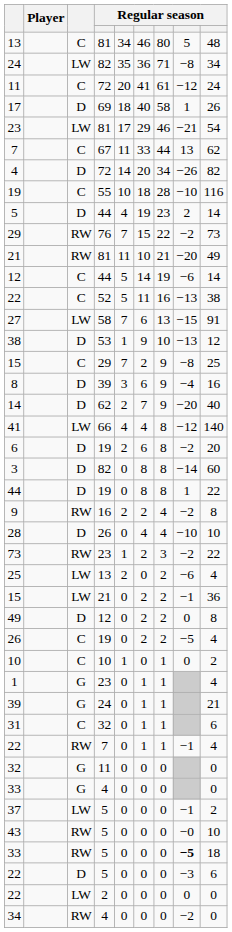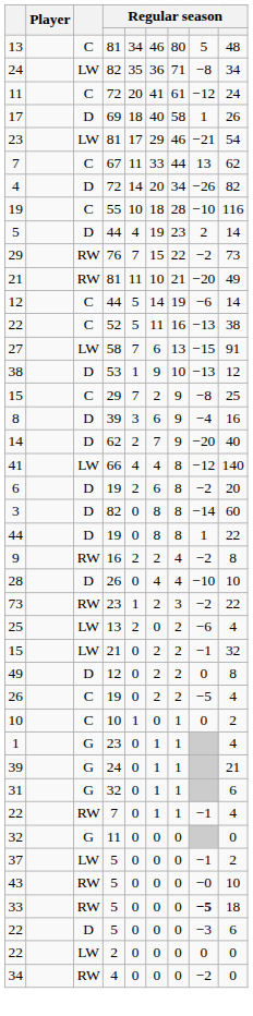 <table class="wikitable sortable plainrowheaders" style="text-align:center;">
 <tr>
 <th scope="col" data-sort-type="number" rowspan="2"></th>
 <th scope="col" rowspan="2">Player</th>
 <th scope="col" rowspan="2"></th>
 <th scope=colgroup colspan=6>Regular season</th>
 </tr>
 <tr>
 <th scope="col" data-sort-type="number"></th>
 <th scope="col" data-sort-type="number"></th>
 <th scope="col" data-sort-type="number"></th>
 <th scope="col" data-sort-type="number"></th>
 <th scope="col" data-sort-type="number"></th>
 <th scope="col" data-sort-type="number"></th>
 </tr>
 <tr>
 <td scope="row">13</td>
 <td align="left"></td>
 <td>C</td>
 <td>81</td>
 <td>34</td>
 <td>46</td>
 <td>80</td>
 <td>5</td>
 <td>48</td>
 </tr>
 <tr>
 <td scope="row">24</td>
 <td align="left"></td>
 <td>LW</td>
 <td>82</td>
 <td>35</td>
 <td>36</td>
 <td>71</td>
 <td>−8</td>
 <td>34</td>
 </tr>
 <tr>
 <td scope="row">11</td>
 <td align="left"></td>
 <td>C</td>
 <td>72</td>
 <td>20</td>
 <td>41</td>
 <td>61</td>
 <td>−12</td>
 <td>24</td>
 </tr>
 <tr>
 <td scope="row">17</td>
 <td align="left"></td>
 <td>D</td>
 <td>69</td>
 <td>18</td>
 <td>40</td>
 <td>58</td>
 <td>1</td>
 <td>26</td>
 </tr>
 <tr>
 <td scope="row">23</td>
 <td align="left"></td>
 <td>LW</td>
 <td>81</td>
 <td>17</td>
 <td>29</td>
 <td>46</td>
 <td>−21</td>
 <td>54</td>
 </tr>
 <tr>
 <td scope="row">7</td>
 <td align="left"></td>
 <td>C</td>
 <td>67</td>
 <td>11</td>
 <td>33</td>
 <td>44</td>
 <td>13</td>
 <td>62</td>
 </tr>
 <tr>
 <td scope="row">4</td>
 <td align="left"></td>
 <td>D</td>
 <td>72</td>
 <td>14</td>
 <td>20</td>
 <td>34</td>
 <td>−26</td>
 <td>82</td>
 </tr>
 <tr>
 <td scope="row">19</td>
 <td align="left"></td>
 <td>C</td>
 <td>55</td>
 <td>10</td>
 <td>18</td>
 <td>28</td>
 <td>−10</td>
 <td>116</td>
 </tr>
 <tr>
 <td scope="row">5</td>
 <td align="left"></td>
 <td>D</td>
 <td>44</td>
 <td>4</td>
 <td>19</td>
 <td>23</td>
 <td>2</td>
 <td>14</td>
 </tr>
 <tr>
 <td scope="row">29</td>
 <td align="left"></td>
 <td>RW</td>
 <td>76</td>
 <td>7</td>
 <td>15</td>
 <td>22</td>
 <td>−2</td>
 <td>73</td>
 </tr>
 <tr>
 <td scope="row">21</td>
 <td align="left"></td>
 <td>RW</td>
 <td>81</td>
 <td>11</td>
 <td>10</td>
 <td>21</td>
 <td>−20</td>
 <td>49</td>
 </tr>
 <tr>
 <td scope="row">12</td>
 <td align="left"></td>
 <td>C</td>
 <td>44</td>
 <td>5</td>
 <td>14</td>
 <td>19</td>
 <td>−6</td>
 <td>14</td>
 </tr>
 <tr>
 <td scope="row">22</td>
 <td align="left"></td>
 <td>C</td>
 <td>52</td>
 <td>5</td>
 <td>11</td>
 <td>16</td>
 <td>−13</td>
 <td>38</td>
 </tr>
 <tr>
 <td scope="row">27</td>
 <td align="left"></td>
 <td>LW</td>
 <td>58</td>
 <td>7</td>
 <td>6</td>
 <td>13</td>
 <td>−15</td>
 <td>91</td>
 </tr>
 <tr>
 <td scope="row">38</td>
 <td align="left"></td>
 <td>D</td>
 <td>53</td>
 <td>1</td>
 <td>9</td>
 <td>10</td>
 <td>−13</td>
 <td>12</td>
 </tr>
 <tr>
 <td scope="row">15</td>
 <td align="left"></td>
 <td>C</td>
 <td>29</td>
 <td>7</td>
 <td>2</td>
 <td>9</td>
 <td>−8</td>
 <td>25</td>
 </tr>
 <tr>
 <td scope="row">8</td>
 <td align="left"></td>
 <td>D</td>
 <td>39</td>
 <td>3</td>
 <td>6</td>
 <td>9</td>
 <td>−4</td>
 <td>16</td>
 </tr>
 <tr>
 <td scope="row">14</td>
 <td align="left"></td>
 <td>D</td>
 <td>62</td>
 <td>2</td>
 <td>7</td>
 <td>9</td>
 <td>−20</td>
 <td>40</td>
 </tr>
 <tr>
 <td scope="row">41</td>
 <td align="left"></td>
 <td>LW</td>
 <td>66</td>
 <td>4</td>
 <td>4</td>
 <td>8</td>
 <td>−12</td>
 <td>140</td>
 </tr>
 <tr>
 <td scope="row">6</td>
 <td align="left"></td>
 <td>D</td>
 <td>19</td>
 <td>2</td>
 <td>6</td>
 <td>8</td>
 <td>−2</td>
 <td>20</td>
 </tr>
 <tr>
 <td scope="row">3</td>
 <td align="left"></td>
 <td>D</td>
 <td>82</td>
 <td>0</td>
 <td>8</td>
 <td>8</td>
 <td>−14</td>
 <td>60</td>
 </tr>
 <tr>
 <td scope="row">44</td>
 <td align="left"></td>
 <td>D</td>
 <td>19</td>
 <td>0</td>
 <td>8</td>
 <td>8</td>
 <td>1</td>
 <td>22</td>
 </tr>
 <tr>
 <td scope="row">9</td>
 <td align="left"></td>
 <td>RW</td>
 <td>16</td>
 <td>2</td>
 <td>2</td>
 <td>4</td>
 <td>−2</td>
 <td>8</td>
 </tr>
 <tr>
 <td scope="row">28</td>
 <td align="left"></td>
 <td>D</td>
 <td>26</td>
 <td>0</td>
 <td>4</td>
 <td>4</td>
 <td>−10</td>
 <td>10</td>
 </tr>
 <tr>
 <td scope="row">73</td>
 <td align="left"></td>
 <td>RW</td>
 <td>23</td>
 <td>1</td>
 <td>2</td>
 <td>3</td>
 <td>−2</td>
 <td>22</td>
 </tr>
 <tr>
 <td scope="row">25</td>
 <td align="left"></td>
 <td>LW</td>
 <td>13</td>
 <td>2</td>
 <td>0</td>
 <td>2</td>
 <td>−6</td>
 <td>4</td>
 </tr>
 <tr>
 <td scope="row">15</td>
 <td align="left"></td>
 <td>LW</td>
 <td>21</td>
 <td>0</td>
 <td>2</td>
 <td>2</td>
 <td>−1</td>
-<td>36</td>
+<td>32</td>
 </tr>
 <tr>
 <td scope="row">49</td>
 <td align="left"></td>
 <td>D</td>
 <td>12</td>
 <td>0</td>
 <td>2</td>
 <td>2</td>
 <td>0</td>
 <td>8</td>
 </tr>
 <tr>
 <td scope="row">26</td>
 <td align="left"></td>
 <td>C</td>
 <td>19</td>
 <td>0</td>
 <td>2</td>
 <td>2</td>
 <td>−5</td>
 <td>4</td>
 </tr>
 <tr>
 <td scope="row">10</td>
 <td align="left"></td>
 <td>C</td>
 <td>10</td>
 <td>1</td>
 <td>0</td>
 <td>1</td>
 <td>0</td>
 <td>2</td>
 </tr>
 <tr>
 <td scope="row">1</td>
 <td align="left"></td>
 <td>G</td>
 <td>23</td>
 <td>0</td>
 <td>1</td>
 <td>1</td>
 <td style="background:#ccc"></td>
 <td>4</td>
 </tr>
 <tr>
 <td scope="row">39</td>
 <td align="left"></td>
 <td>G</td>
 <td>24</td>
 <td>0</td>
 <td>1</td>
 <td>1</td>
 <td style="background:#ccc"></td>
 <td>21</td>
 </tr>
 <tr>
 <td scope="row">31</td>
 <td align="left"></td>
-<td>C</td>
+<td>G</td>
 <td>32</td>
 <td>0</td>
 <td>1</td>
 <td>1</td>
 <td style="background:#ccc"></td>
 <td>6</td>
 </tr>
 <tr>
 <td scope="row">22</td>
 <td align="left"></td>
 <td>RW</td>
 <td>7</td>
 <td>0</td>
 <td>1</td>
 <td>1</td>
 <td>−1</td>
 <td>4</td>
 </tr>
 <tr>
 <td scope="row">32</td>
 <td align="left"></td>
 <td>G</td>
 <td>11</td>
-<td>0</td>
-<td>0</td>
-<td>0</td>
-<td style="background:#ccc"></td>
-<td>0</td>
-</tr>
-<tr>
-<td scope="row">33</td>
-<td align="left"></td>
-<td>G</td>
-<td>4</td>
 <td>0</td>
 <td>0</td>
 <td>0</td>
 <td style="background:#ccc"></td>
 <td>0</td>
 </tr>
 <tr>
 <td scope="row">37</td>
 <td align="left"></td>
 <td>LW</td>
 <td>5</td>
 <td>0</td>
 <td>0</td>
 <td>0</td>
 <td>−1</td>
 <td>2</td>
 </tr>
 <tr>
 <td scope="row">43</td>
 <td align="left"></td>
 <td>RW</td>
 <td>5</td>
 <td>0</td>
 <td>0</td>
 <td>0</td>
 <td>−0</td>
 <td>10</td>
 </tr>
 <tr>
 <td scope="row">33</td>
 <td align="left"></td>
 <td>RW</td>
 <td>5</td>
 <td>0</td>
 <td>0</td>
 <td>0</td>
 <td><strong>−5</strong></td>
 <td>18</td>
 </tr>
 <tr>
 <td scope="row">22</td>
 <td align="left"></td>
 <td>D</td>
 <td>5</td>
 <td>0</td>
 <td>0</td>
 <td>0</td>
 <td>−3</td>
 <td>6</td>
 </tr>
 <tr>
 <td scope="row">22</td>
 <td align="left"></td>
 <td>LW</td>
 <td>2</td>
 <td>0</td>
 <td>0</td>
 <td>0</td>
 <td>0</td>
 <td>0</td>
 </tr>
 <tr>
 <td scope="row">34</td>
 <td align="left"></td>
 <td>RW</td>
 <td>4</td>
 <td>0</td>
 <td>0</td>
 <td>0</td>
 <td>−2</td>
 <td>0</td>
 </tr>
 </table>
